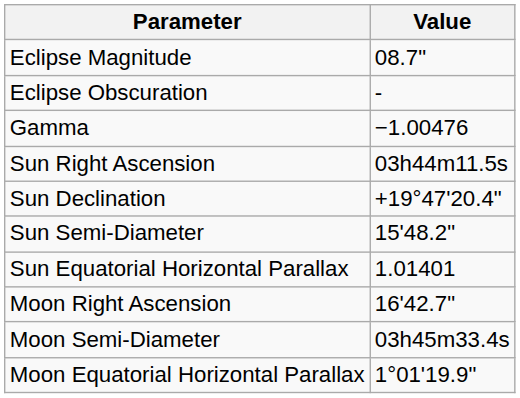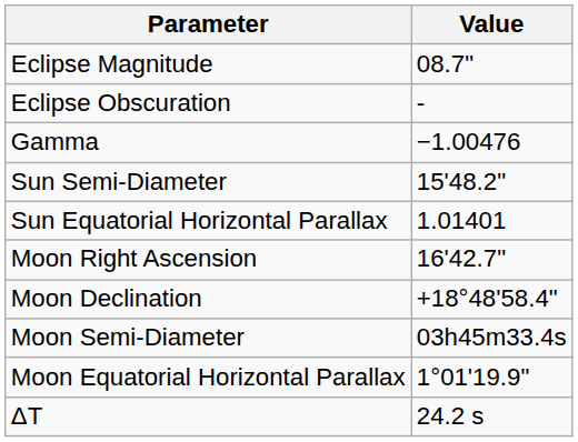 <table class="wikitable">
 <tr>
 <th>Parameter</th>
 <th>Value</th>
 </tr>
 <tr>
 <td>Eclipse Magnitude</td>
 <td>08.7"</td>
 </tr>
 <tr>
 <td>Eclipse Obscuration</td>
 <td>-</td>
 </tr>
 <tr>
 <td>Gamma</td>
 <td>−1.00476</td>
 </tr>
 <tr>
-<td>Sun Right Ascension</td>
-<td>03h44m11.5s</td>
-</tr>
-<tr>
-<td>Sun Declination</td>
-<td>+19°47'20.4"</td>
-</tr>
-<tr>
 <td>Sun Semi-Diameter</td>
 <td>15'48.2"</td>
 </tr>
 <tr>
 <td>Sun Equatorial Horizontal Parallax</td>
 <td>1.01401</td>
 </tr>
 <tr>
 <td>Moon Right Ascension</td>
 <td>16'42.7"</td>
 </tr>
 <tr>
+<td>Moon Declination</td>
+<td>+18°48'58.4"</td>
+</tr>
+<tr>
 <td>Moon Semi-Diameter</td>
 <td>03h45m33.4s</td>
 </tr>
 <tr>
 <td>Moon Equatorial Horizontal Parallax</td>
 <td>1°01'19.9"</td>
 </tr>
+<tr>
+<td>ΔT</td>
+<td>24.2 s</td>
+</tr>
 </table>
